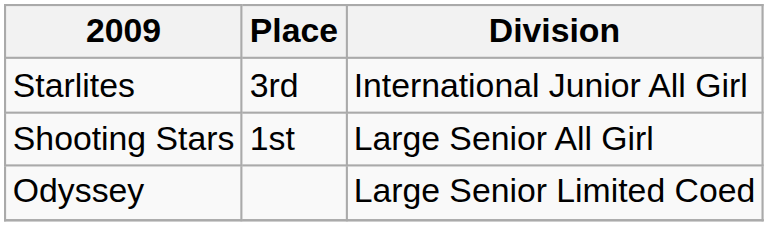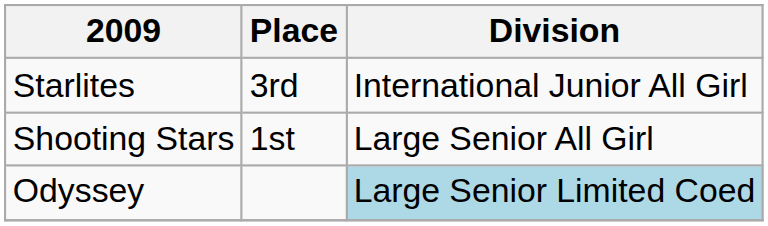 <table class="wikitable">
 <tr>
 <th>2009</th>
 <th>Place</th>
 <th>Division</th>
 </tr>
 <tr>
 <td>Starlites</td>
 <td>3rd</td>
 <td>International Junior All Girl</td>
 </tr>
 <tr>
 <td>Shooting Stars</td>
 <td>1st</td>
 <td>Large Senior All Girl</td>
 </tr>
 <tr>
 <td>Odyssey</td>
 <td></td>
-<td>Large Senior Limited Coed</td>
+<td style="background: lightblue;">Large Senior Limited Coed</td>
 </tr>
 <tr>
 </tr>
 </table>
